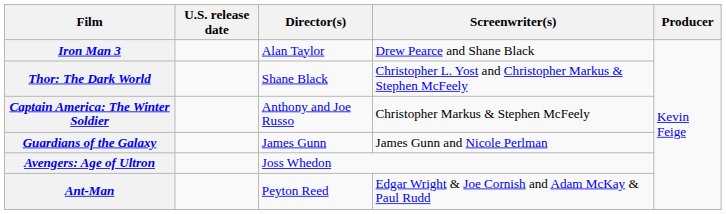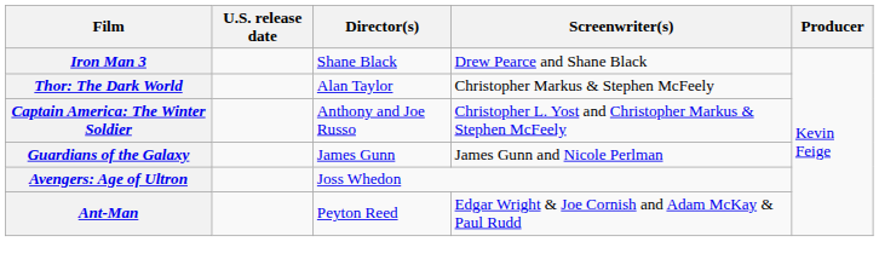 <table class="wikitable plainrowheaders defaultcenter col2left" style="width: 99%;">
 <tr>
 <th scope="col">Film</th>
 <th scope="col">U.S. release date</th>
 <th scope="col">Director(s)</th>
 <th scope="col">Screenwriter(s)</th>
 <th scope="col">Producer</th>
 </tr>
 <tr>
 <th scope="row"><em><a href='#'>Iron Man 3</a></em></th>
 <td></td>
-<td><a href='#'>Alan Taylor</a></td>
+<td><a href='#'>Shane Black</a></td>
 <td><a href='#'>Drew Pearce</a> and Shane Black</td>
 <td rowspan="6"><a href='#'>Kevin Feige</a></td>
 </tr>
 <tr>
 <th scope="row"><em><a href='#'>Thor: The Dark World</a></em></th>
 <td></td>
-<td><a href='#'>Shane Black</a></td>
-<td><a href='#'>Christopher L. Yost</a> and <a href='#'>Christopher Markus & Stephen McFeely</a></td>
+<td><a href='#'>Alan Taylor</a></td>
+<td>Christopher Markus & Stephen McFeely</td>
 </tr>
 <tr>
 <th scope="row"><em><a href='#'>Captain America: The Winter Soldier</a></em></th>
 <td></td>
 <td><a href='#'>Anthony and Joe Russo</a></td>
-<td>Christopher Markus & Stephen McFeely</td>
+<td><a href='#'>Christopher L. Yost</a> and <a href='#'>Christopher Markus & Stephen McFeely</a></td>
 </tr>
 <tr>
 <th scope="row"><em><a href='#'>Guardians of the Galaxy</a></em></th>
 <td></td>
 <td><a href='#'>James Gunn</a></td>
 <td>James Gunn and <a href='#'>Nicole Perlman</a></td>
 </tr>
 <tr>
 <th scope="row"><em><a href='#'>Avengers: Age of Ultron</a></em></th>
 <td></td>
 <td colspan="2"><a href='#'>Joss Whedon</a></td>
 </tr>
 <tr>
 <th scope="row"><em><a href='#'>Ant-Man</a></em></th>
 <td></td>
 <td><a href='#'>Peyton Reed</a></td>
 <td><a href='#'>Edgar Wright</a> & <a href='#'>Joe Cornish</a> and <a href='#'>Adam McKay</a> & <a href='#'>Paul Rudd</a></td>
 </tr>
 </table>
